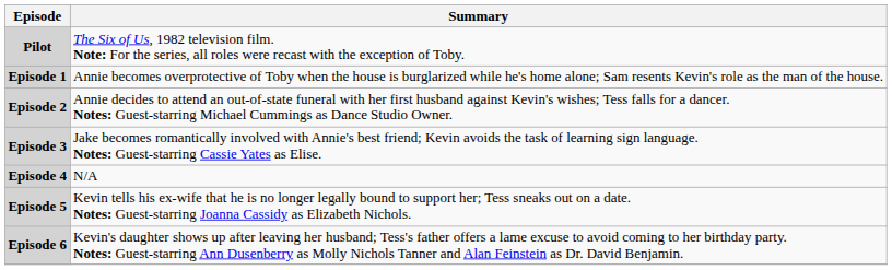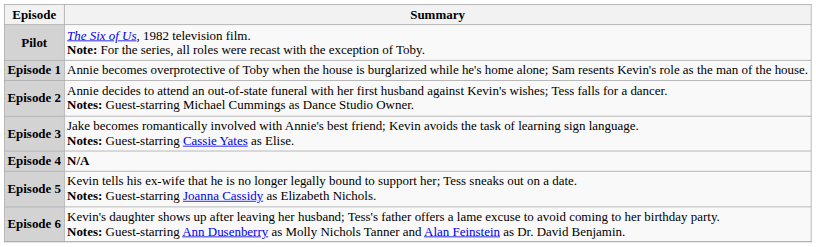 <table class="wikitable">
 <tr>
 <th>Episode</th>
 <th>Summary</th>
 </tr>
 <tr>
 <td align="center" bgcolor="lightgrey"><strong>Pilot</strong></td>
 <td><em><a href='#'>The Six of Us</a></em>, 1982 television film.<br><strong>Note:</strong> For the series, all roles were recast with the exception of Toby.</td>
 </tr>
 <tr>
 <td align="center" bgcolor="lightgrey"><strong>Episode 1</strong></td>
 <td>Annie becomes overprotective of Toby when the house is burglarized while he's home alone; Sam resents Kevin's role as the man of the house.</td>
 </tr>
 <tr>
 <td align="center" bgcolor="lightgrey"><strong>Episode 2</strong></td>
 <td>Annie decides to attend an out-of-state funeral with her first husband against Kevin's wishes; Tess falls for a dancer.<br><strong>Notes:</strong> Guest-starring Michael Cummings as Dance Studio Owner.</td>
 </tr>
 <tr>
 <td align="center" bgcolor="lightgrey"><strong>Episode 3</strong></td>
 <td>Jake becomes romantically involved with Annie's best friend; Kevin avoids the task of learning sign language.<br><strong>Notes:</strong> Guest-starring <a href='#'>Cassie Yates</a> as Elise.</td>
 </tr>
 <tr>
 <td align="center" bgcolor="lightgrey"><strong>Episode 4</strong></td>
-<td>N/A</td>
+<td><strong>N/A</strong></td>
 </tr>
 <tr>
 <td align="center" bgcolor="lightgrey"><strong>Episode 5</strong></td>
 <td>Kevin tells his ex-wife that he is no longer legally bound to support her; Tess sneaks out on a date.<br><strong>Notes:</strong> Guest-starring <a href='#'>Joanna Cassidy</a> as Elizabeth Nichols.</td>
 </tr>
 <tr>
 <td align="center" bgcolor="lightgrey"><strong>Episode 6</strong></td>
 <td>Kevin's daughter shows up after leaving her husband; Tess's father offers a lame excuse to avoid coming to her birthday party.<br><strong>Notes:</strong> Guest-starring <a href='#'>Ann Dusenberry</a> as Molly Nichols Tanner and <a href='#'>Alan Feinstein</a> as Dr. David Benjamin.</td>
 </tr>
 <tr>
 </tr>
 </table>
